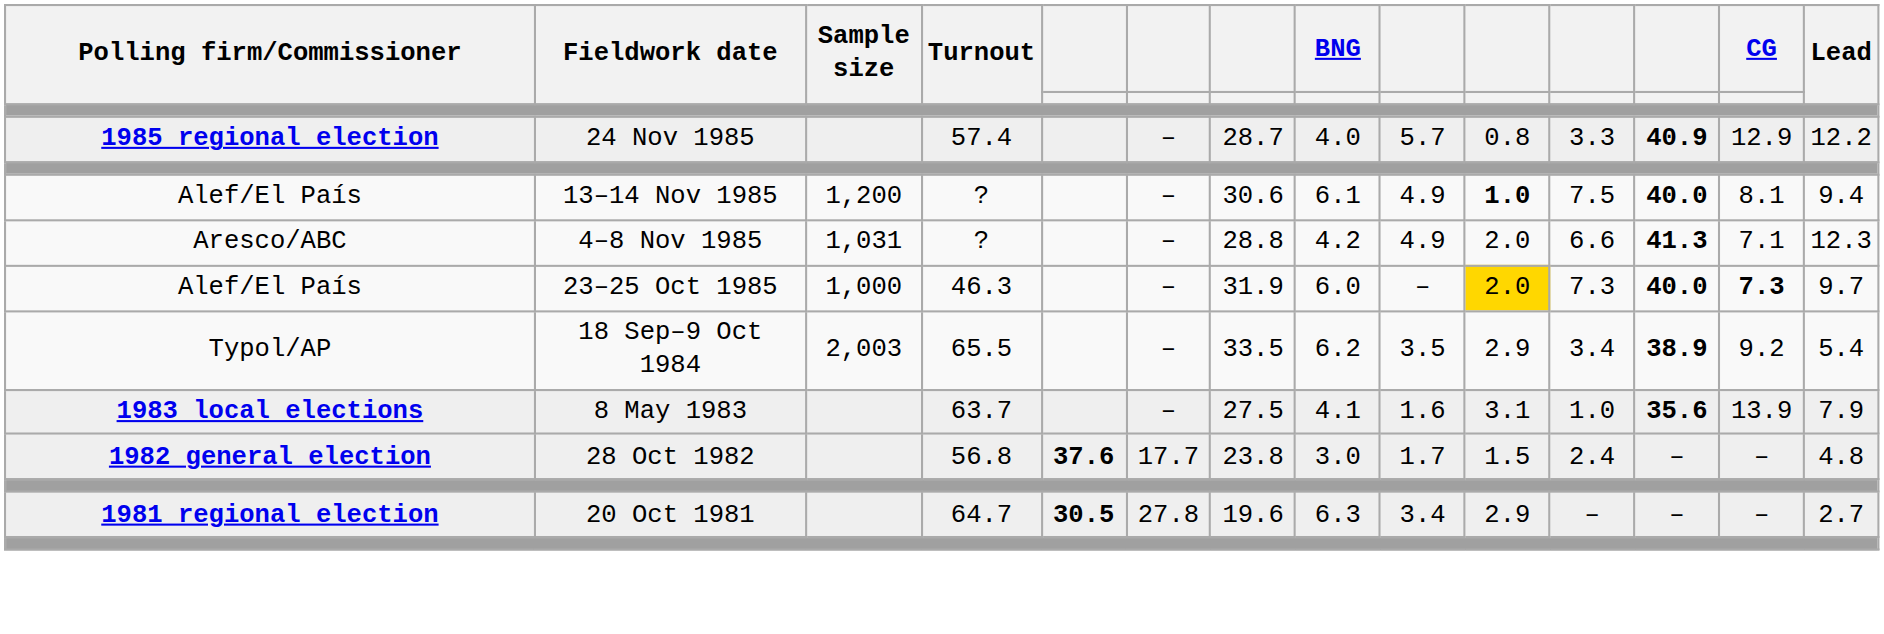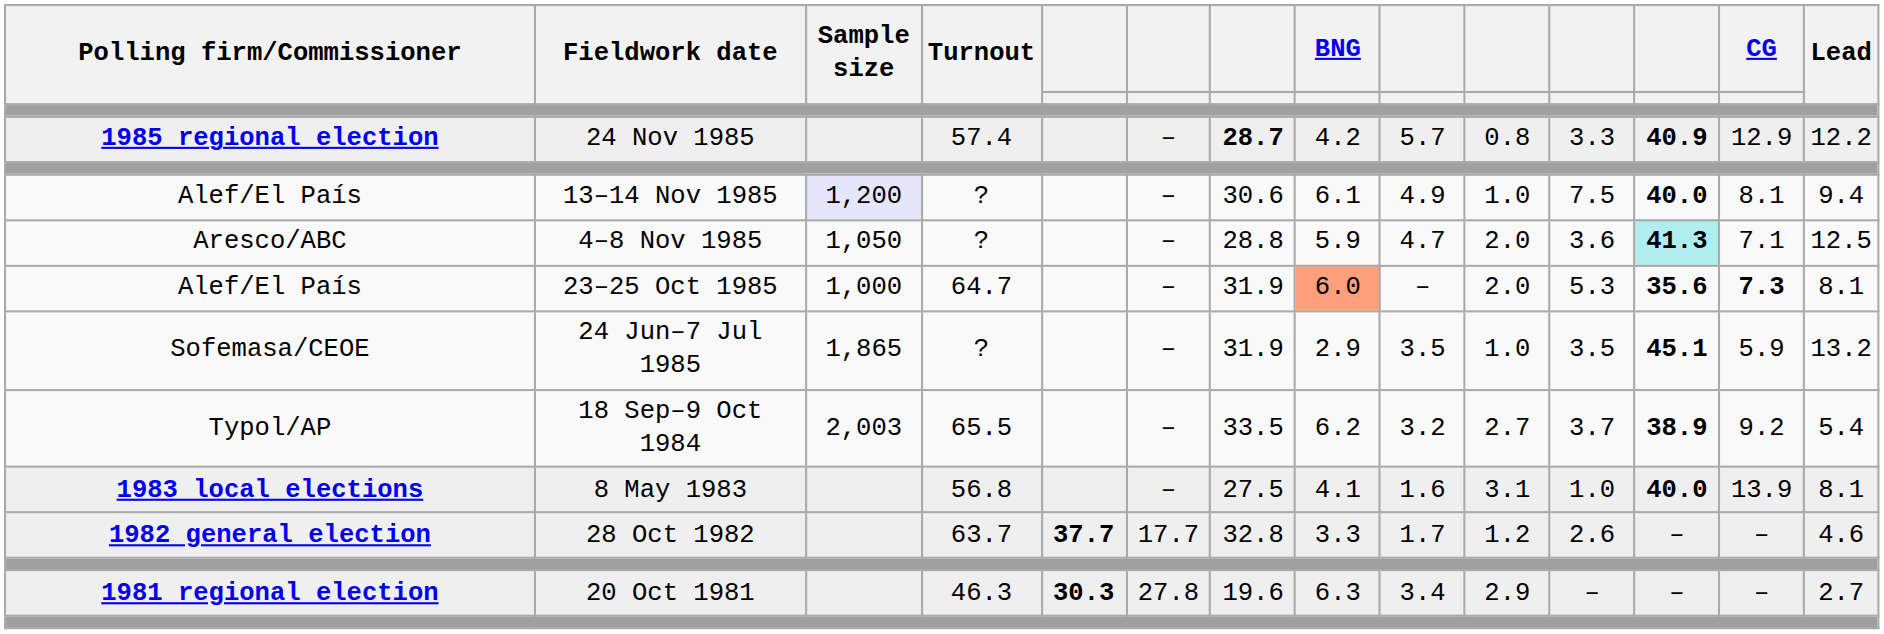 <table class="wikitable collapsible collapsed" style="text-align:center; font-size:95%; line-height:16px;">
 <tr style="height:42px;">
 <th style="width:250px;" rowspan="2">Polling firm/Commissioner</th>
 <th style="width:125px;" rowspan="2">Fieldwork date</th>
 <th style="width:50px;" rowspan="2">Sample size</th>
 <th style="width:45px;" rowspan="2">Turnout</th>
 <th style="width:35px;"></th>
 <th style="width:35px;"></th>
 <th style="width:35px;"></th>
 <th style="width:35px;"><a href='#'>BNG</a></th>
 <th style="width:35px;"></th>
 <th style="width:35px;"></th>
 <th style="width:35px;"></th>
 <th style="width:35px;"></th>
 <th style="width:35px;"><a href='#'>CG</a></th>
 <th style="width:30px;" rowspan="2">Lead</th>
 </tr>
 <tr>
 <th style="color:inherit;background:"></th>
 <th style="color:inherit;background:"></th>
 <th style="color:inherit;background:"></th>
 <th style="color:inherit;background:"></th>
 <th style="color:inherit;background:"></th>
 <th style="color:inherit;background:"></th>
 <th style="color:inherit;background:"></th>
 <th style="color:inherit;background:"></th>
 <th style="color:inherit;background:"></th>
 </tr>
 <tr>
 <td colspan="14" style="background:#A0A0A0"></td>
 </tr>
 <tr style="background:#EFEFEF;">
 <td><strong><a href='#'>1985 regional election</a></strong></td>
 <td>24 Nov 1985</td>
 <td></td>
 <td>57.4</td>
 <td></td>
 <td>–</td>
-<td>28.7<br></td>
-<td>4.0<br></td>
+<td><strong>28.7<br></strong></td>
+<td>4.2<br></td>
 <td>5.7<br></td>
 <td>0.8<br></td>
 <td>3.3<br></td>
 <td><strong>40.9</strong><br></td>
 <td>12.9<br></td>
 <td style="background:">12.2</td>
 </tr>
 <tr>
 <td colspan="14" style="background:#A0A0A0"></td>
 </tr>
 <tr>
 <td>Alef/El País</td>
 <td>13–14 Nov 1985</td>
-<td>1,200</td>
+<td style="background: lavender;">1,200</td>
 <td>?</td>
 <td></td>
 <td>–</td>
 <td>30.6<br></td>
 <td>6.1<br></td>
 <td>4.9<br></td>
-<td><strong>1.0<br></strong></td>
+<td>1.0<br></td>
 <td>7.5<br></td>
 <td><strong>40.0</strong><br></td>
 <td>8.1<br></td>
 <td style="background:">9.4</td>
 </tr>
 <tr>
 <td>Aresco/ABC</td>
 <td>4–8 Nov 1985</td>
-<td>1,031</td>
+<td>1,050</td>
 <td>?</td>
 <td></td>
 <td>–</td>
 <td>28.8<br></td>
-<td>4.2<br></td>
-<td>4.9<br></td>
+<td>5.9<br></td>
+<td>4.7<br></td>
 <td>2.0<br></td>
-<td>6.6<br></td>
-<td><strong>41.3</strong><br></td>
+<td>3.6<br></td>
+<td style="background: paleturquoise;"><strong>41.3</strong><br></td>
 <td>7.1<br></td>
-<td style="background:">12.3</td>
+<td style="background:">12.5</td>
 </tr>
 <tr>
 <td>Alef/El País</td>
 <td>23–25 Oct 1985</td>
 <td>1,000</td>
-<td>46.3</td>
+<td>64.7</td>
 <td></td>
 <td>–</td>
 <td>31.9<br></td>
-<td>6.0<br></td>
+<td style="background: lightsalmon;">6.0<br></td>
 <td>–</td>
-<td style="background: gold;">2.0<br></td>
-<td>7.3<br></td>
-<td><strong>40.0</strong><br></td>
+<td>2.0<br></td>
+<td>5.3<br></td>
+<td><strong>35.6</strong></td>
 <td><strong>7.3<br></strong></td>
-<td style="background:">9.7</td>
+<td style="background:">8.1</td>
+</tr>
+<tr>
+<td>Sofemasa/CEOE</td>
+<td>24 Jun–7 Jul 1985</td>
+<td>1,865</td>
+<td>?</td>
+<td></td>
+<td>–</td>
+<td>31.9<br></td>
+<td>2.9<br></td>
+<td>3.5<br></td>
+<td>1.0<br></td>
+<td>3.5<br></td>
+<td><strong>45.1</strong><br></td>
+<td>5.9<br></td>
+<td style="background:">13.2</td>
 </tr>
 <tr>
 <td>Typol/AP</td>
 <td>18 Sep–9 Oct 1984</td>
 <td>2,003</td>
 <td>65.5</td>
 <td></td>
 <td>–</td>
 <td>33.5<br></td>
 <td>6.2<br></td>
-<td>3.5<br></td>
-<td>2.9<br></td>
-<td>3.4<br></td>
+<td>3.2<br></td>
+<td>2.7<br></td>
+<td>3.7<br></td>
 <td><strong>38.9</strong><br></td>
 <td>9.2<br></td>
 <td style="background:">5.4</td>
 </tr>
 <tr style="background:#EFEFEF;">
 <td><strong><a href='#'>1983 local elections</a></strong></td>
 <td>8 May 1983</td>
 <td></td>
-<td>63.7</td>
+<td>56.8</td>
 <td></td>
 <td>–</td>
 <td>27.5</td>
 <td>4.1</td>
 <td>1.6</td>
 <td>3.1</td>
 <td>1.0</td>
-<td><strong>35.6</strong></td>
+<td><strong>40.0</strong><br></td>
 <td>13.9</td>
-<td style="background:">7.9</td>
+<td style="background:">8.1</td>
 </tr>
 <tr style="background:#EFEFEF;">
 <td><strong><a href='#'>1982 general election</a></strong></td>
 <td>28 Oct 1982</td>
 <td></td>
-<td>56.8</td>
-<td><strong>37.6</strong><br></td>
+<td>63.7</td>
+<td><strong>37.7</strong><br></td>
 <td>17.7<br></td>
-<td>23.8<br></td>
-<td>3.0<br></td>
+<td>32.8<br></td>
+<td>3.3<br></td>
 <td>1.7<br></td>
-<td>1.5<br></td>
-<td>2.4<br></td>
+<td>1.2<br></td>
+<td>2.6<br></td>
 <td>–</td>
 <td>–</td>
-<td style="background:">4.8</td>
+<td style="background:">4.6</td>
 </tr>
 <tr>
 <td colspan="14" style="background:#A0A0A0"></td>
 </tr>
 <tr style="background:#EFEFEF;">
 <td><strong><a href='#'>1981 regional election</a></strong></td>
 <td>20 Oct 1981</td>
 <td></td>
-<td>64.7</td>
-<td><strong>30.5</strong><br></td>
+<td>46.3</td>
+<td><strong>30.3</strong><br></td>
 <td>27.8<br></td>
 <td>19.6<br></td>
 <td>6.3<br></td>
 <td>3.4<br></td>
 <td>2.9<br></td>
 <td>–</td>
 <td>–</td>
 <td>–</td>
 <td style="background:">2.7</td>
 </tr>
 <tr>
 <td colspan="14" style="background:#A0A0A0"></td>
 </tr>
 </table>
